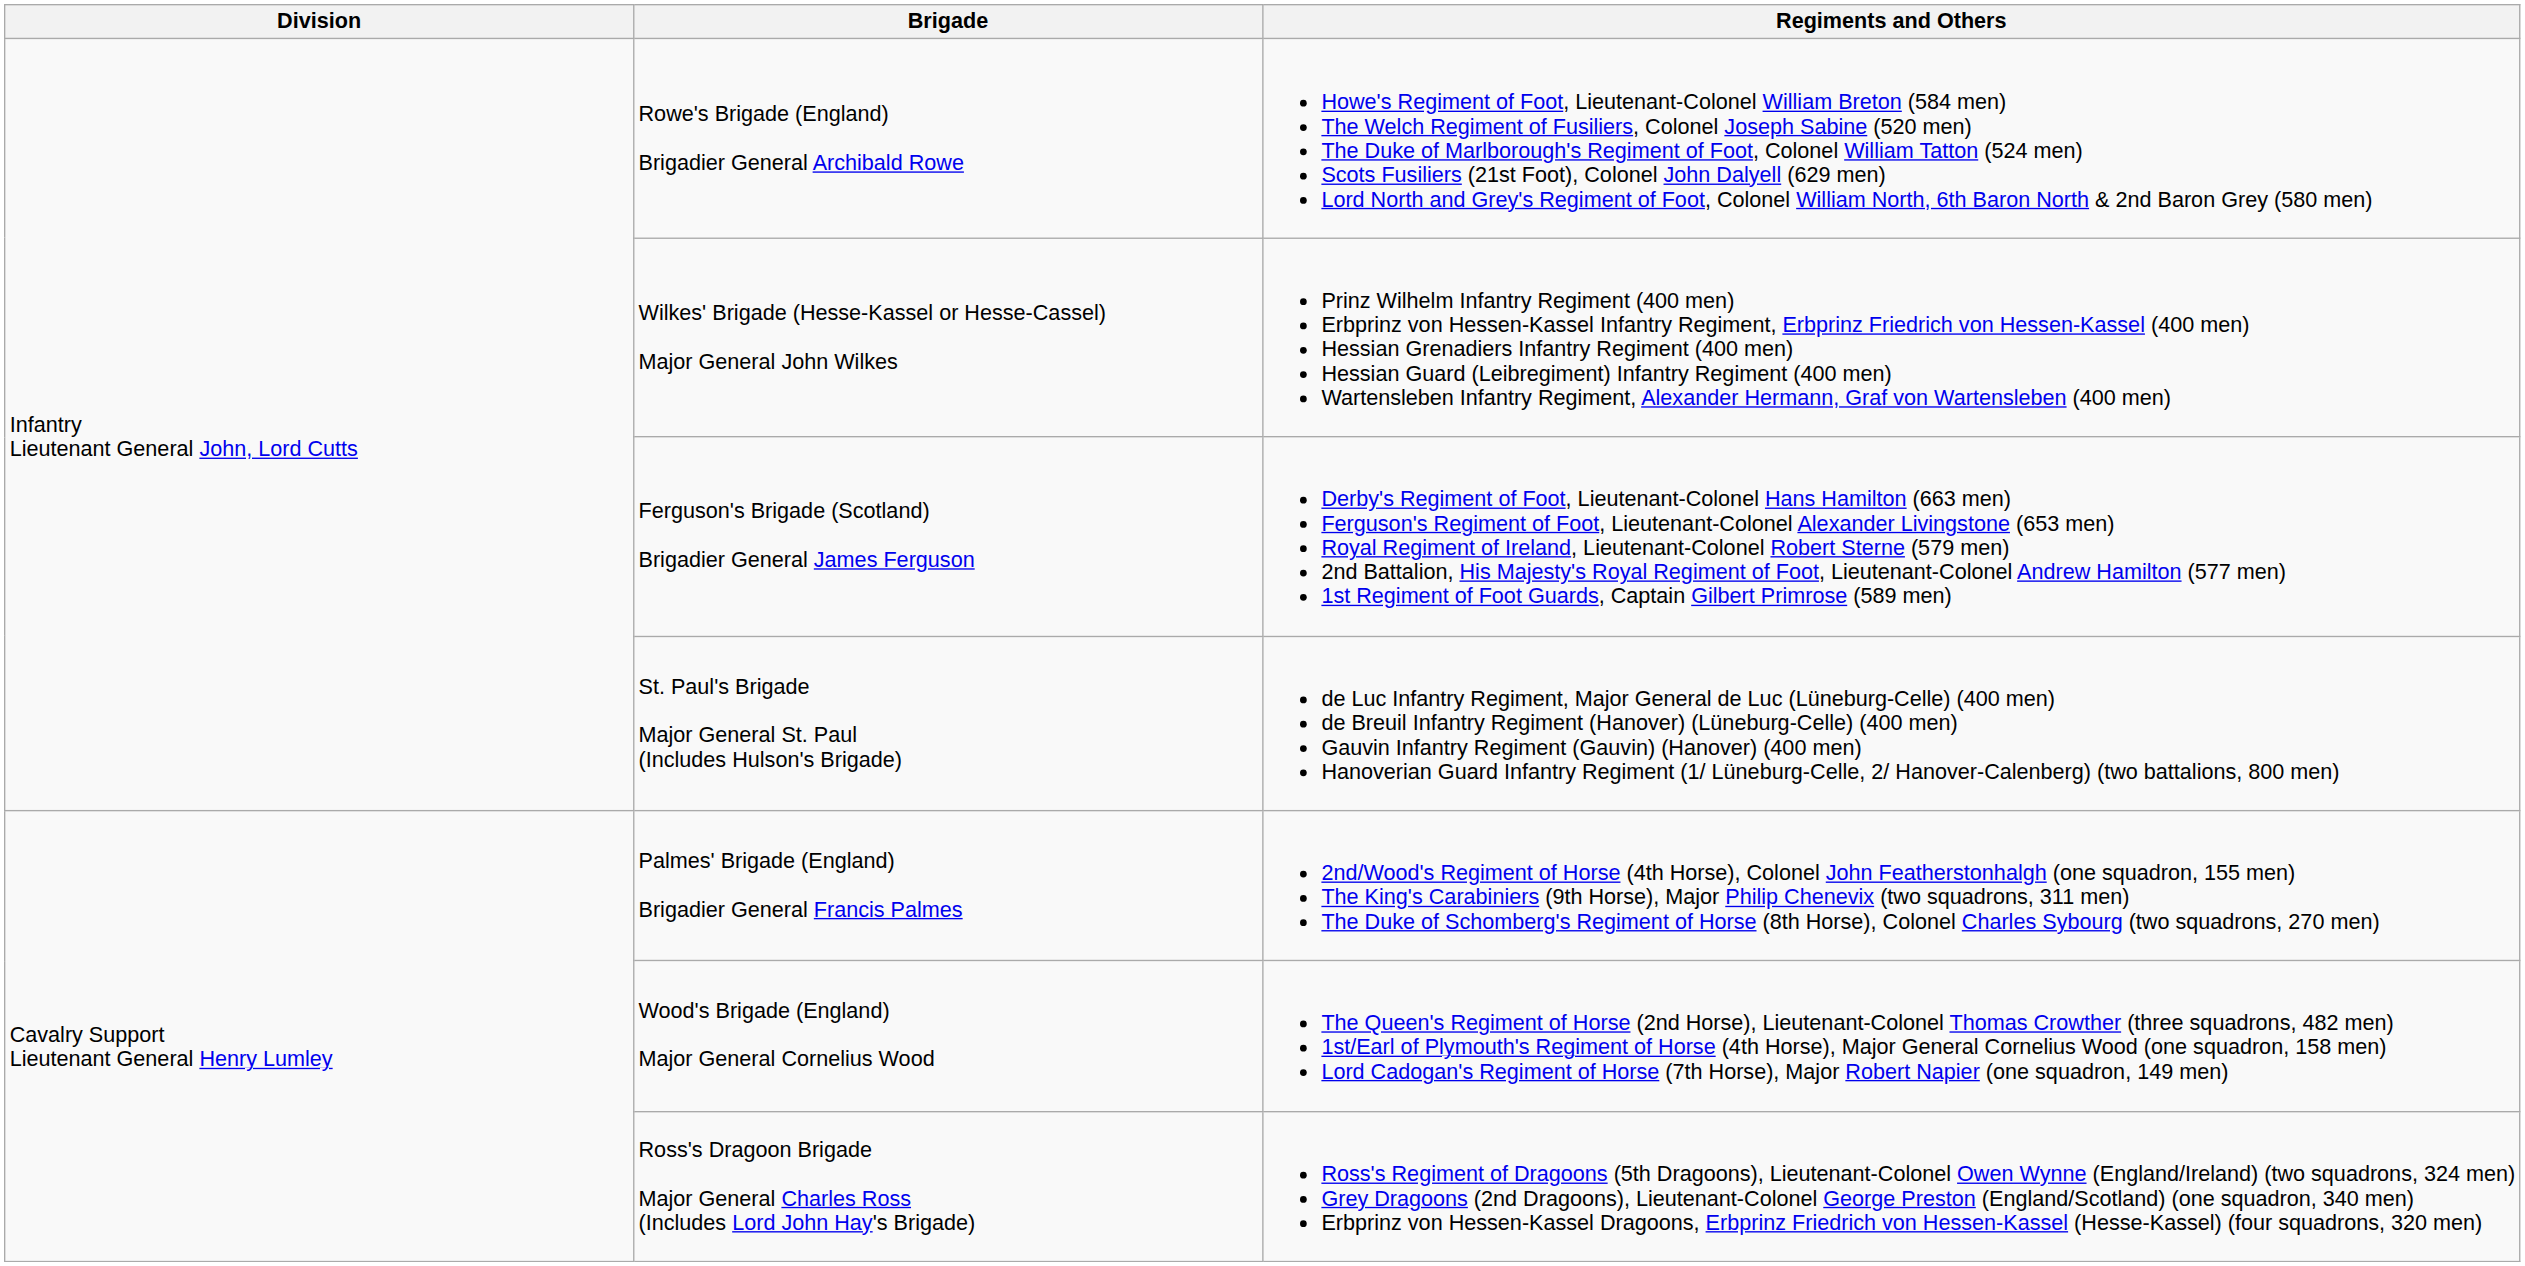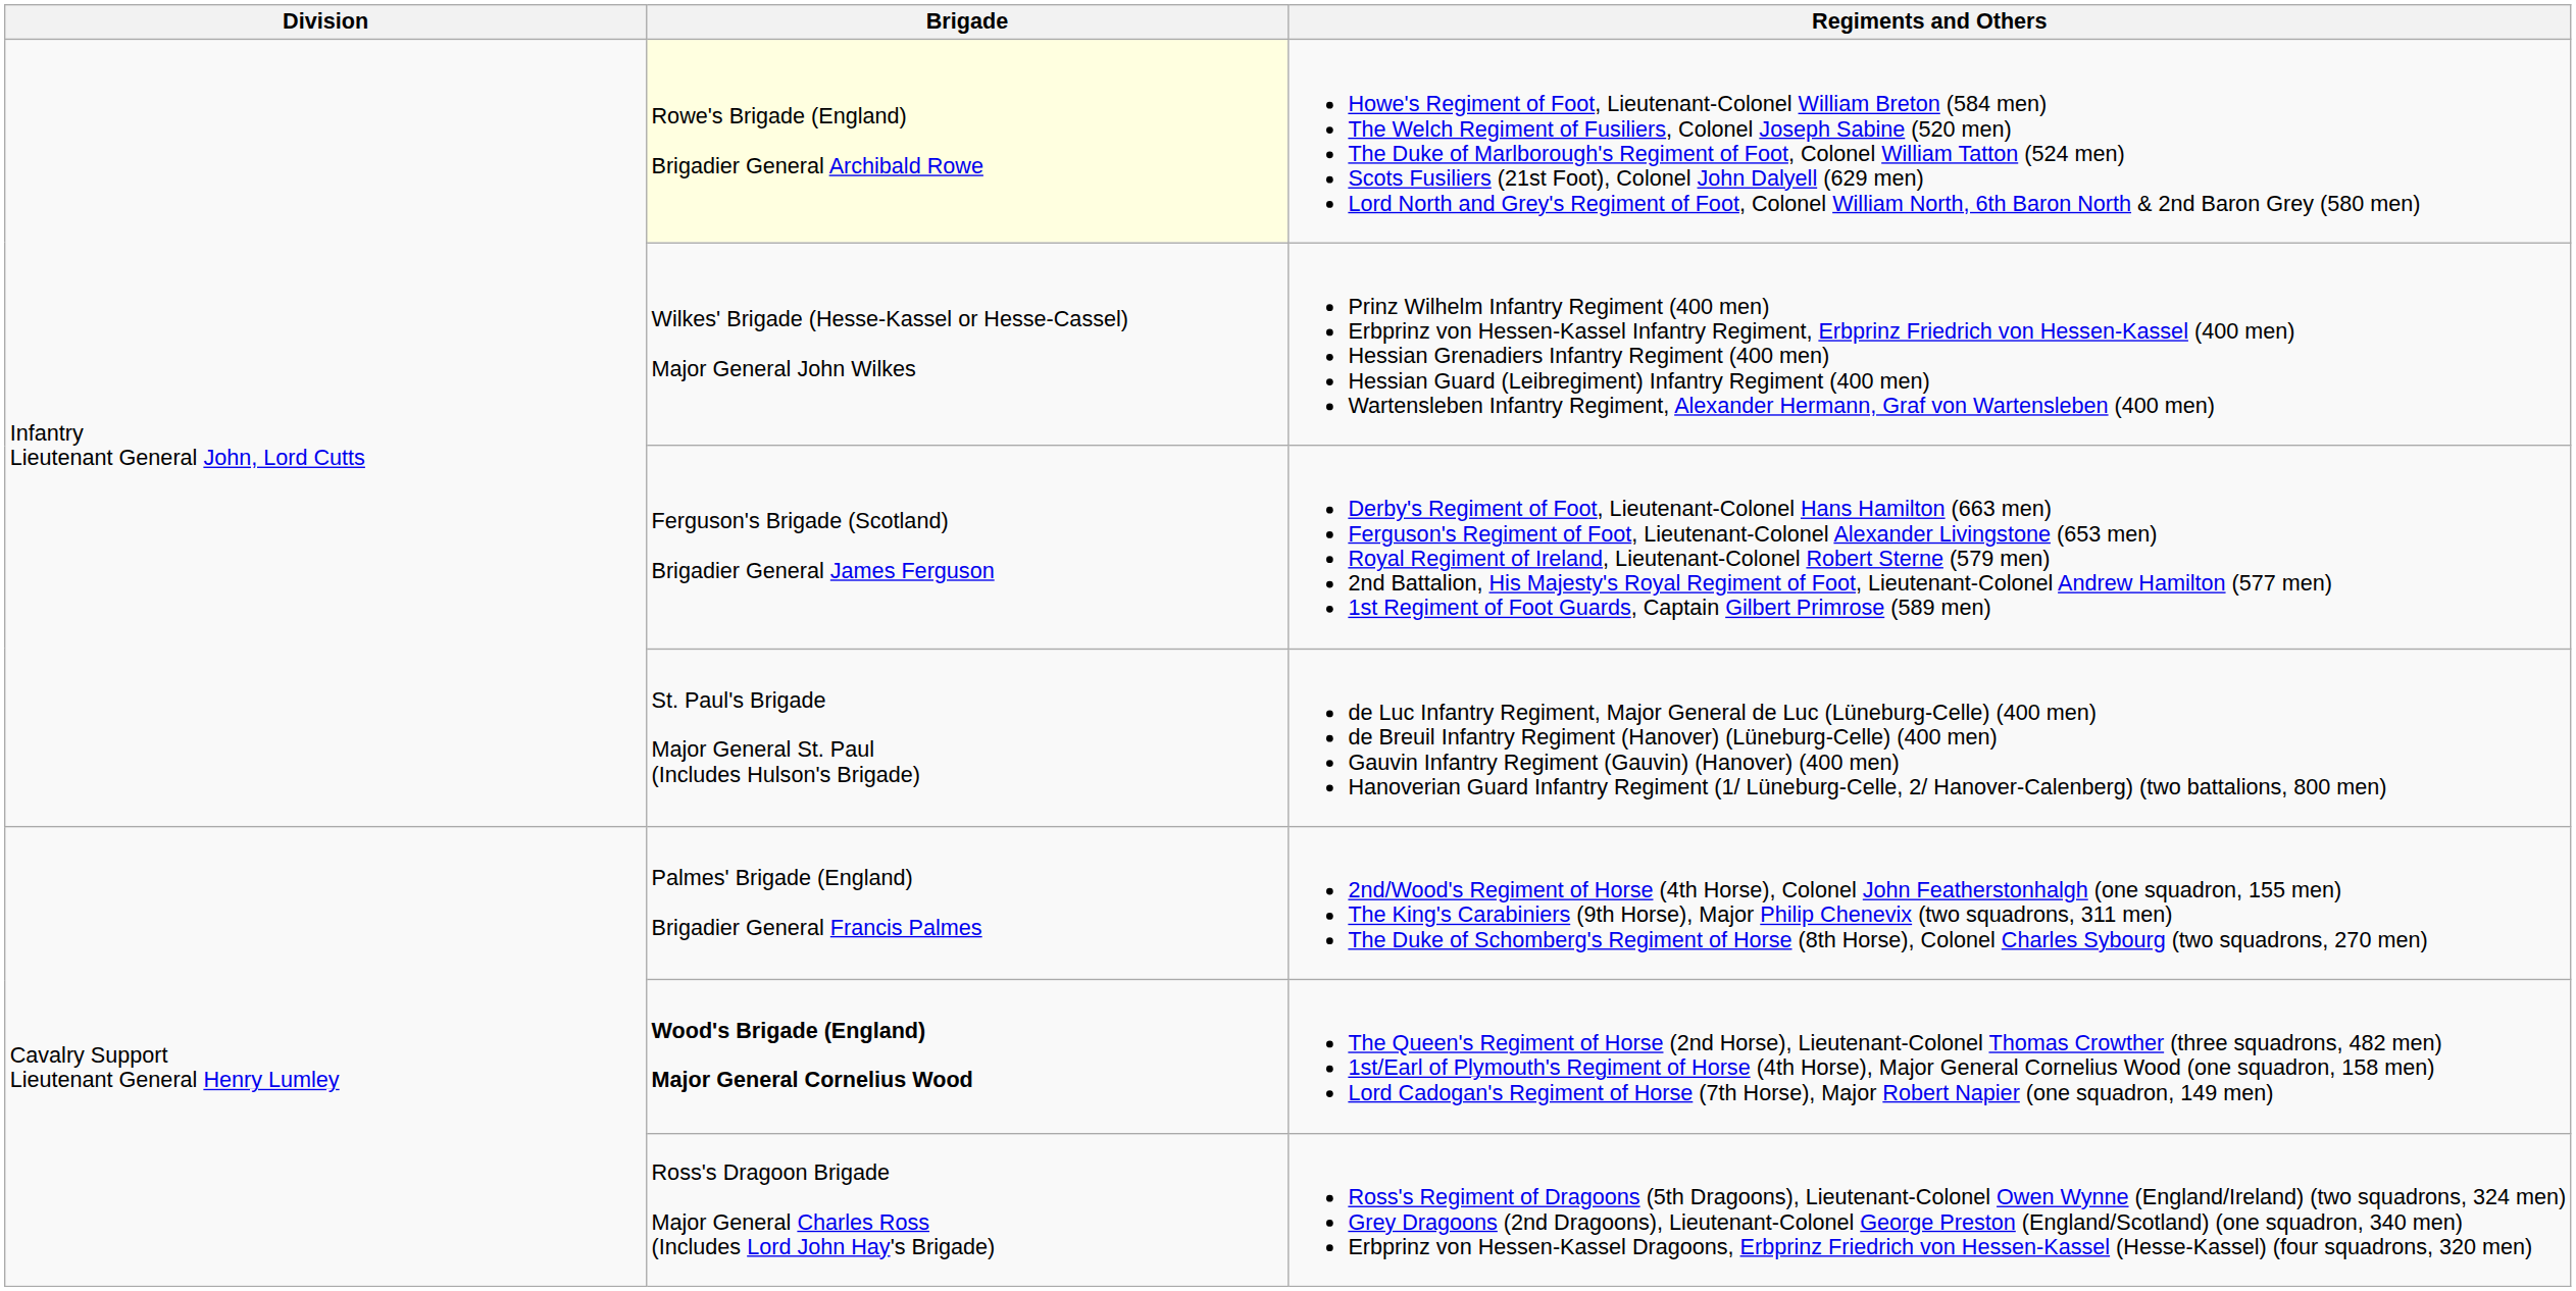 <table class="wikitable">
 <tr>
 <th width=25%>Division</th>
 <th width=25%>Brigade</th>
 <th>Regiments and Others</th>
 </tr>
 <tr>
 <td rowspan=4><br>Infantry <br>  Lieutenant General <a href='#'>John, Lord Cutts</a></td>
-<td>Rowe's Brigade (England)<br><br> Brigadier General <a href='#'>Archibald Rowe</a></td>
+<td style="background: lightyellow;">Rowe's Brigade (England)<br><br> Brigadier General <a href='#'>Archibald Rowe</a></td>
 <td><br><ul><li><a href='#'>Howe's Regiment of Foot</a>, Lieutenant-Colonel <a href='#'>William Breton</a> (584 men)</li><li><a href='#'>The Welch Regiment of Fusiliers</a>, Colonel <a href='#'>Joseph Sabine</a> (520 men)</li><li><a href='#'>The Duke of Marlborough's Regiment of Foot</a>, Colonel <a href='#'>William Tatton</a> (524 men)</li><li><a href='#'>Scots Fusiliers</a> (21st Foot), Colonel <a href='#'>John Dalyell</a> (629 men)</li><li><a href='#'>Lord North and Grey's Regiment of Foot</a>, Colonel <a href='#'>William North, 6th Baron North</a> & 2nd Baron Grey (580 men)</li></ul></td>
 </tr>
 <tr>
 <td>Wilkes' Brigade (Hesse-Kassel or Hesse-Cassel)<br><br> Major General John Wilkes</td>
 <td><br><ul><li>Prinz Wilhelm Infantry Regiment (400 men)</li><li>Erbprinz von Hessen-Kassel Infantry Regiment, <a href='#'>Erbprinz Friedrich von Hessen-Kassel</a> (400 men)</li><li>Hessian Grenadiers Infantry Regiment (400 men)</li><li>Hessian Guard (Leibregiment) Infantry Regiment (400 men)</li><li>Wartensleben Infantry Regiment, <a href='#'>Alexander Hermann, Graf von Wartensleben</a> (400 men)</li></ul></td>
 </tr>
 <tr>
 <td>Ferguson's Brigade (Scotland)<br><br> Brigadier General <a href='#'>James Ferguson</a></td>
 <td><br><ul><li><a href='#'>Derby's Regiment of Foot</a>, Lieutenant-Colonel <a href='#'>Hans Hamilton</a> (663 men)</li><li><a href='#'>Ferguson's Regiment of Foot</a>, Lieutenant-Colonel <a href='#'>Alexander Livingstone</a> (653 men)</li><li><a href='#'>Royal Regiment of Ireland</a>, Lieutenant-Colonel <a href='#'>Robert Sterne</a> (579 men)</li><li>2nd Battalion, <a href='#'>His Majesty's Royal Regiment of Foot</a>, Lieutenant-Colonel <a href='#'>Andrew Hamilton</a> (577 men)</li><li><a href='#'>1st Regiment of Foot Guards</a>, Captain <a href='#'>Gilbert Primrose</a> (589 men)</li></ul></td>
 </tr>
 <tr>
 <td>St. Paul's Brigade<br><br> Major General St. Paul <br> (Includes Hulson's Brigade)</td>
 <td><br><ul><li>de Luc Infantry Regiment, Major General de Luc (Lüneburg-Celle) (400 men)</li><li>de Breuil Infantry Regiment (Hanover) (Lüneburg-Celle) (400 men)</li><li>Gauvin Infantry Regiment (Gauvin) (Hanover) (400 men)</li><li>Hanoverian Guard Infantry Regiment (1/ Lüneburg-Celle, 2/ Hanover-Calenberg) (two battalions, 800 men)</li></ul></td>
 </tr>
 <tr>
 <td rowspan=3><br>Cavalry Support <br> Lieutenant General <a href='#'>Henry Lumley</a></td>
 <td>Palmes' Brigade (England)<br><br> Brigadier General <a href='#'>Francis Palmes</a></td>
 <td><br><ul><li><a href='#'>2nd/Wood's Regiment of Horse</a> (4th Horse), Colonel <a href='#'>John Featherstonhalgh</a> (one squadron, 155 men)</li><li><a href='#'>The King's Carabiniers</a> (9th Horse), Major <a href='#'>Philip Chenevix</a> (two squadrons, 311 men)</li><li><a href='#'>The Duke of Schomberg's Regiment of Horse</a> (8th Horse), Colonel <a href='#'>Charles Sybourg</a> (two squadrons, 270 men)</li></ul></td>
 </tr>
 <tr>
-<td>Wood's Brigade (England)<br><br> Major General Cornelius Wood</td>
+<td><strong>Wood's Brigade (England)<br><br> Major General Cornelius Wood</strong></td>
 <td><br><ul><li><a href='#'>The Queen's Regiment of Horse</a> (2nd Horse), Lieutenant-Colonel <a href='#'>Thomas Crowther</a> (three squadrons, 482 men)</li><li><a href='#'>1st/Earl of Plymouth's Regiment of Horse</a> (4th Horse), Major General Cornelius Wood (one squadron, 158 men)</li><li><a href='#'>Lord Cadogan's Regiment of Horse</a> (7th Horse), Major <a href='#'>Robert Napier</a> (one squadron, 149 men)</li></ul></td>
 </tr>
 <tr>
 <td>Ross's Dragoon Brigade<br><br> Major General <a href='#'>Charles Ross</a> <br> (Includes <a href='#'>Lord John Hay</a>'s Brigade)</td>
 <td><br><ul><li><a href='#'>Ross's Regiment of Dragoons</a> (5th Dragoons), Lieutenant-Colonel <a href='#'>Owen Wynne</a> (England/Ireland) (two squadrons, 324 men)</li><li><a href='#'>Grey Dragoons</a> (2nd Dragoons), Lieutenant-Colonel <a href='#'>George Preston</a> (England/Scotland) (one squadron, 340 men)</li><li>Erbprinz von Hessen-Kassel Dragoons, <a href='#'>Erbprinz Friedrich von Hessen-Kassel</a> (Hesse-Kassel) (four squadrons, 320 men)</li></ul></td>
 </tr>
 </table>
